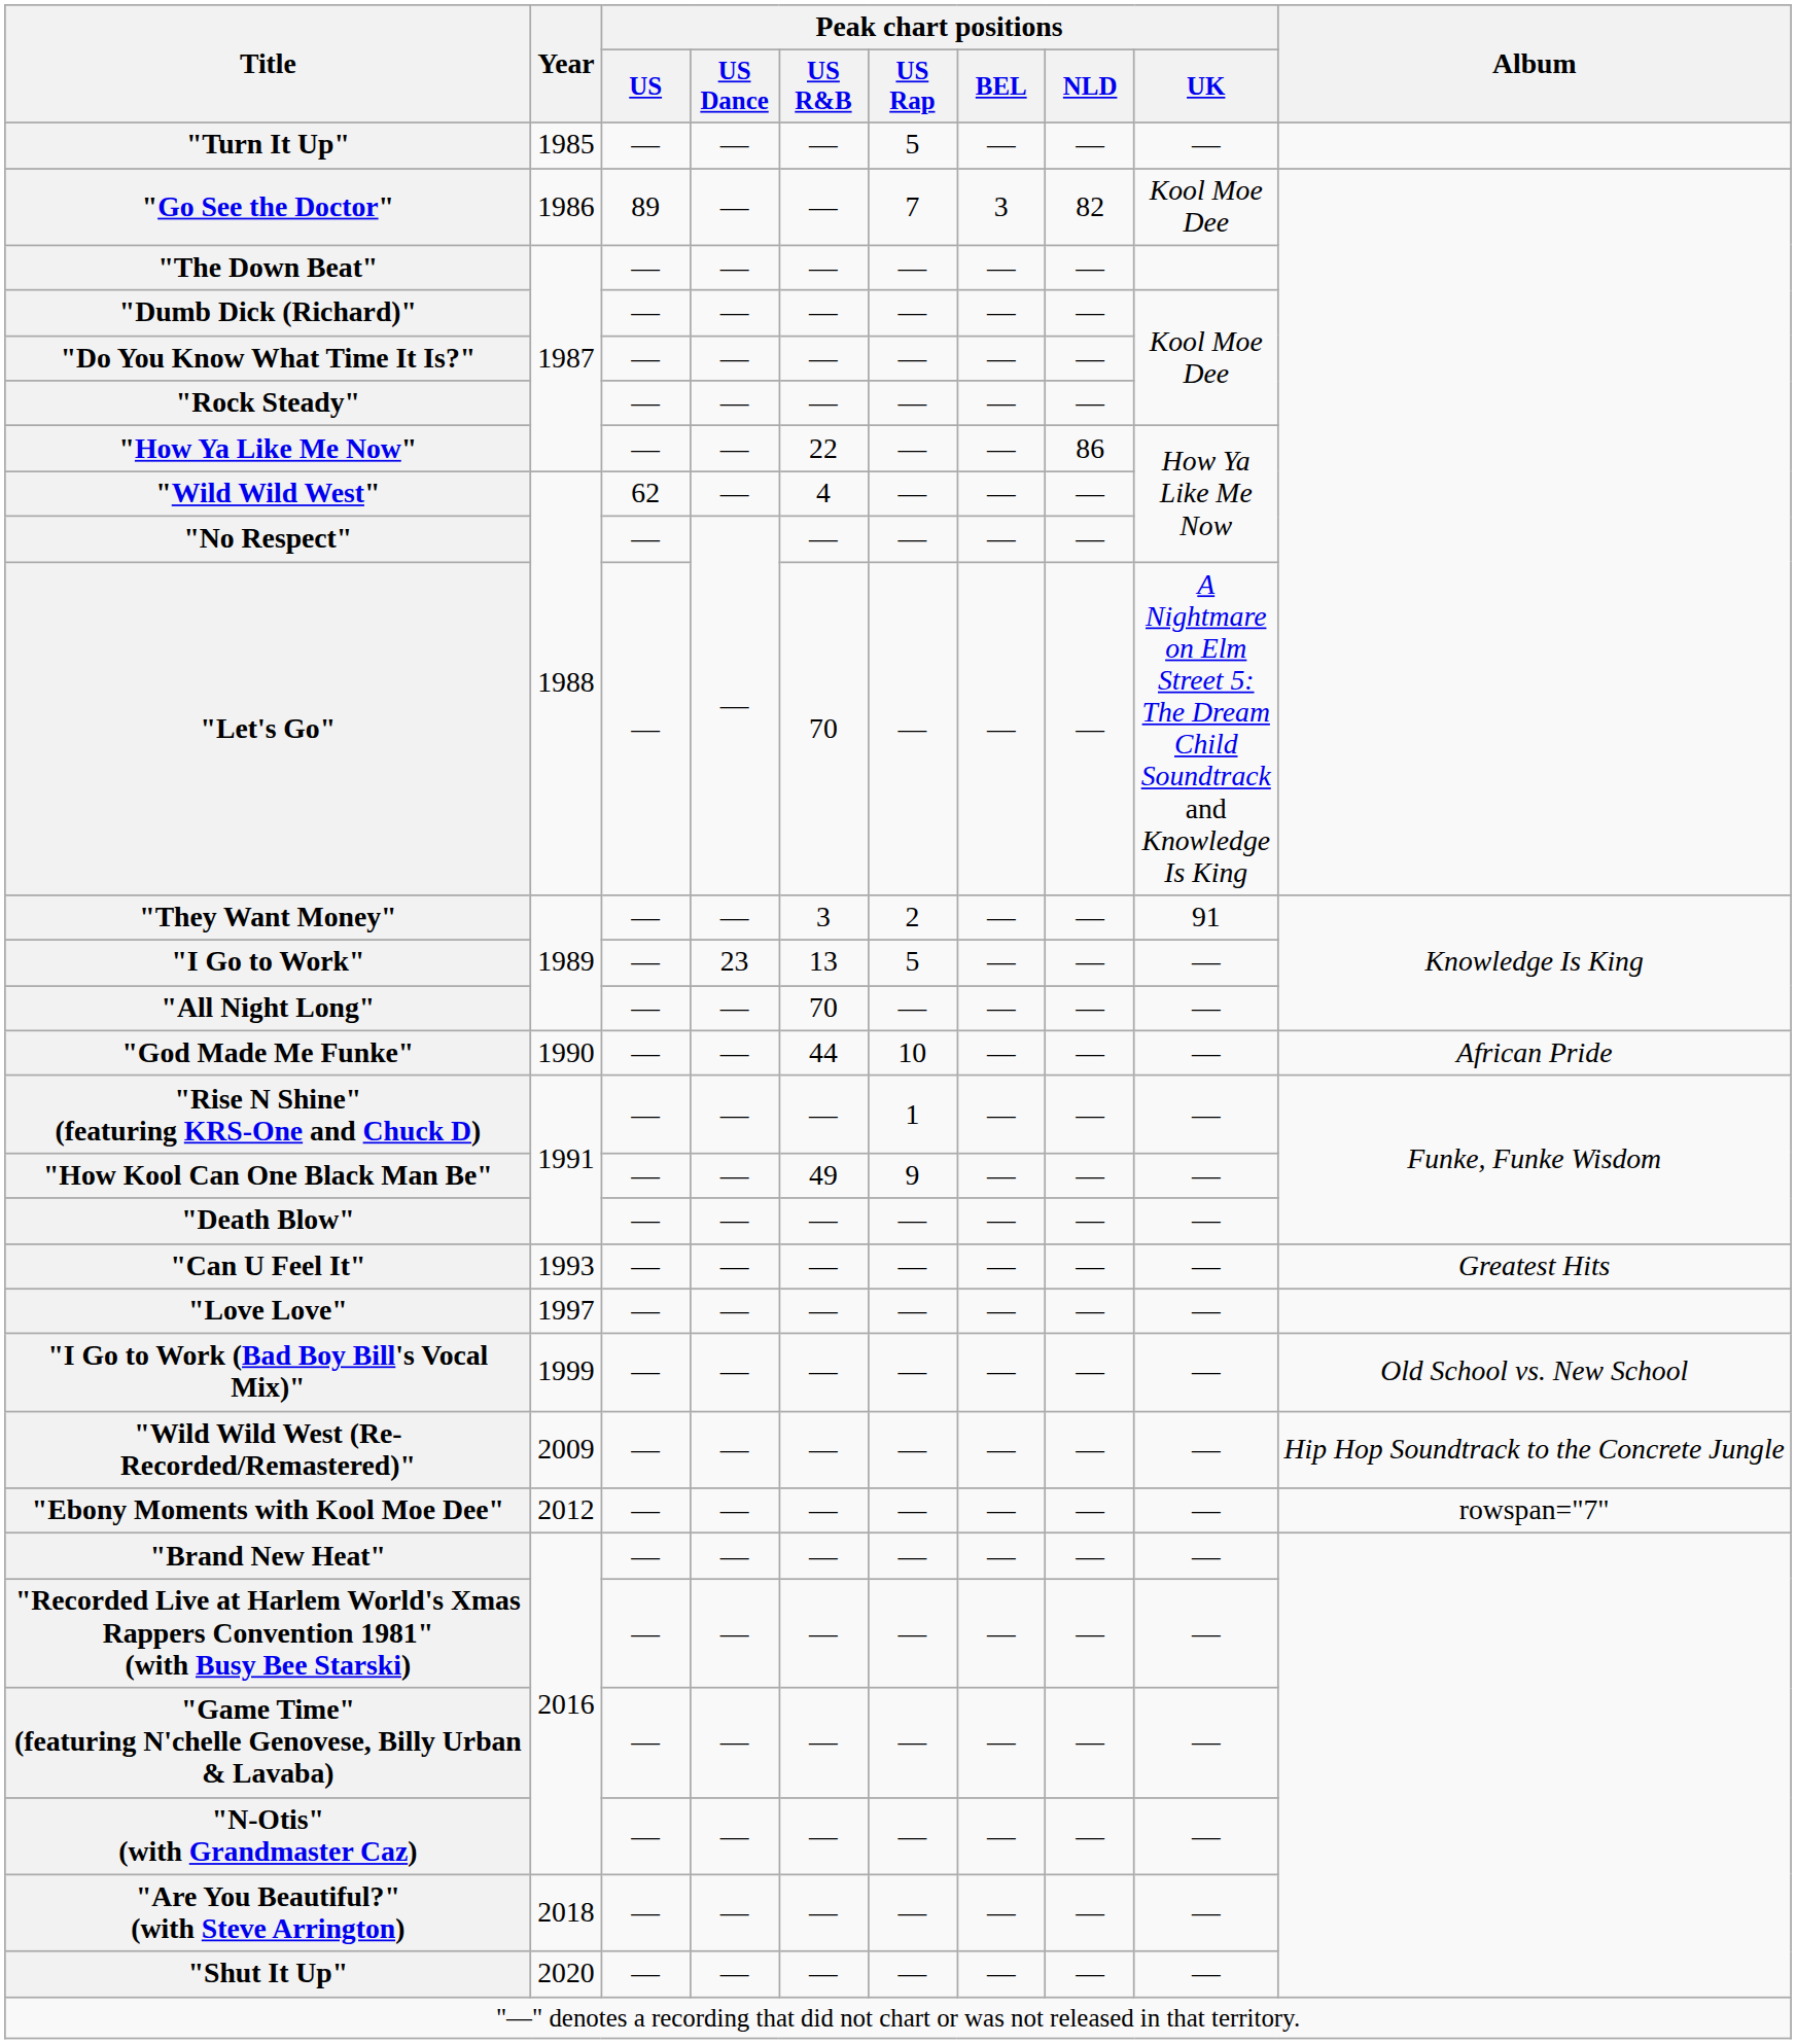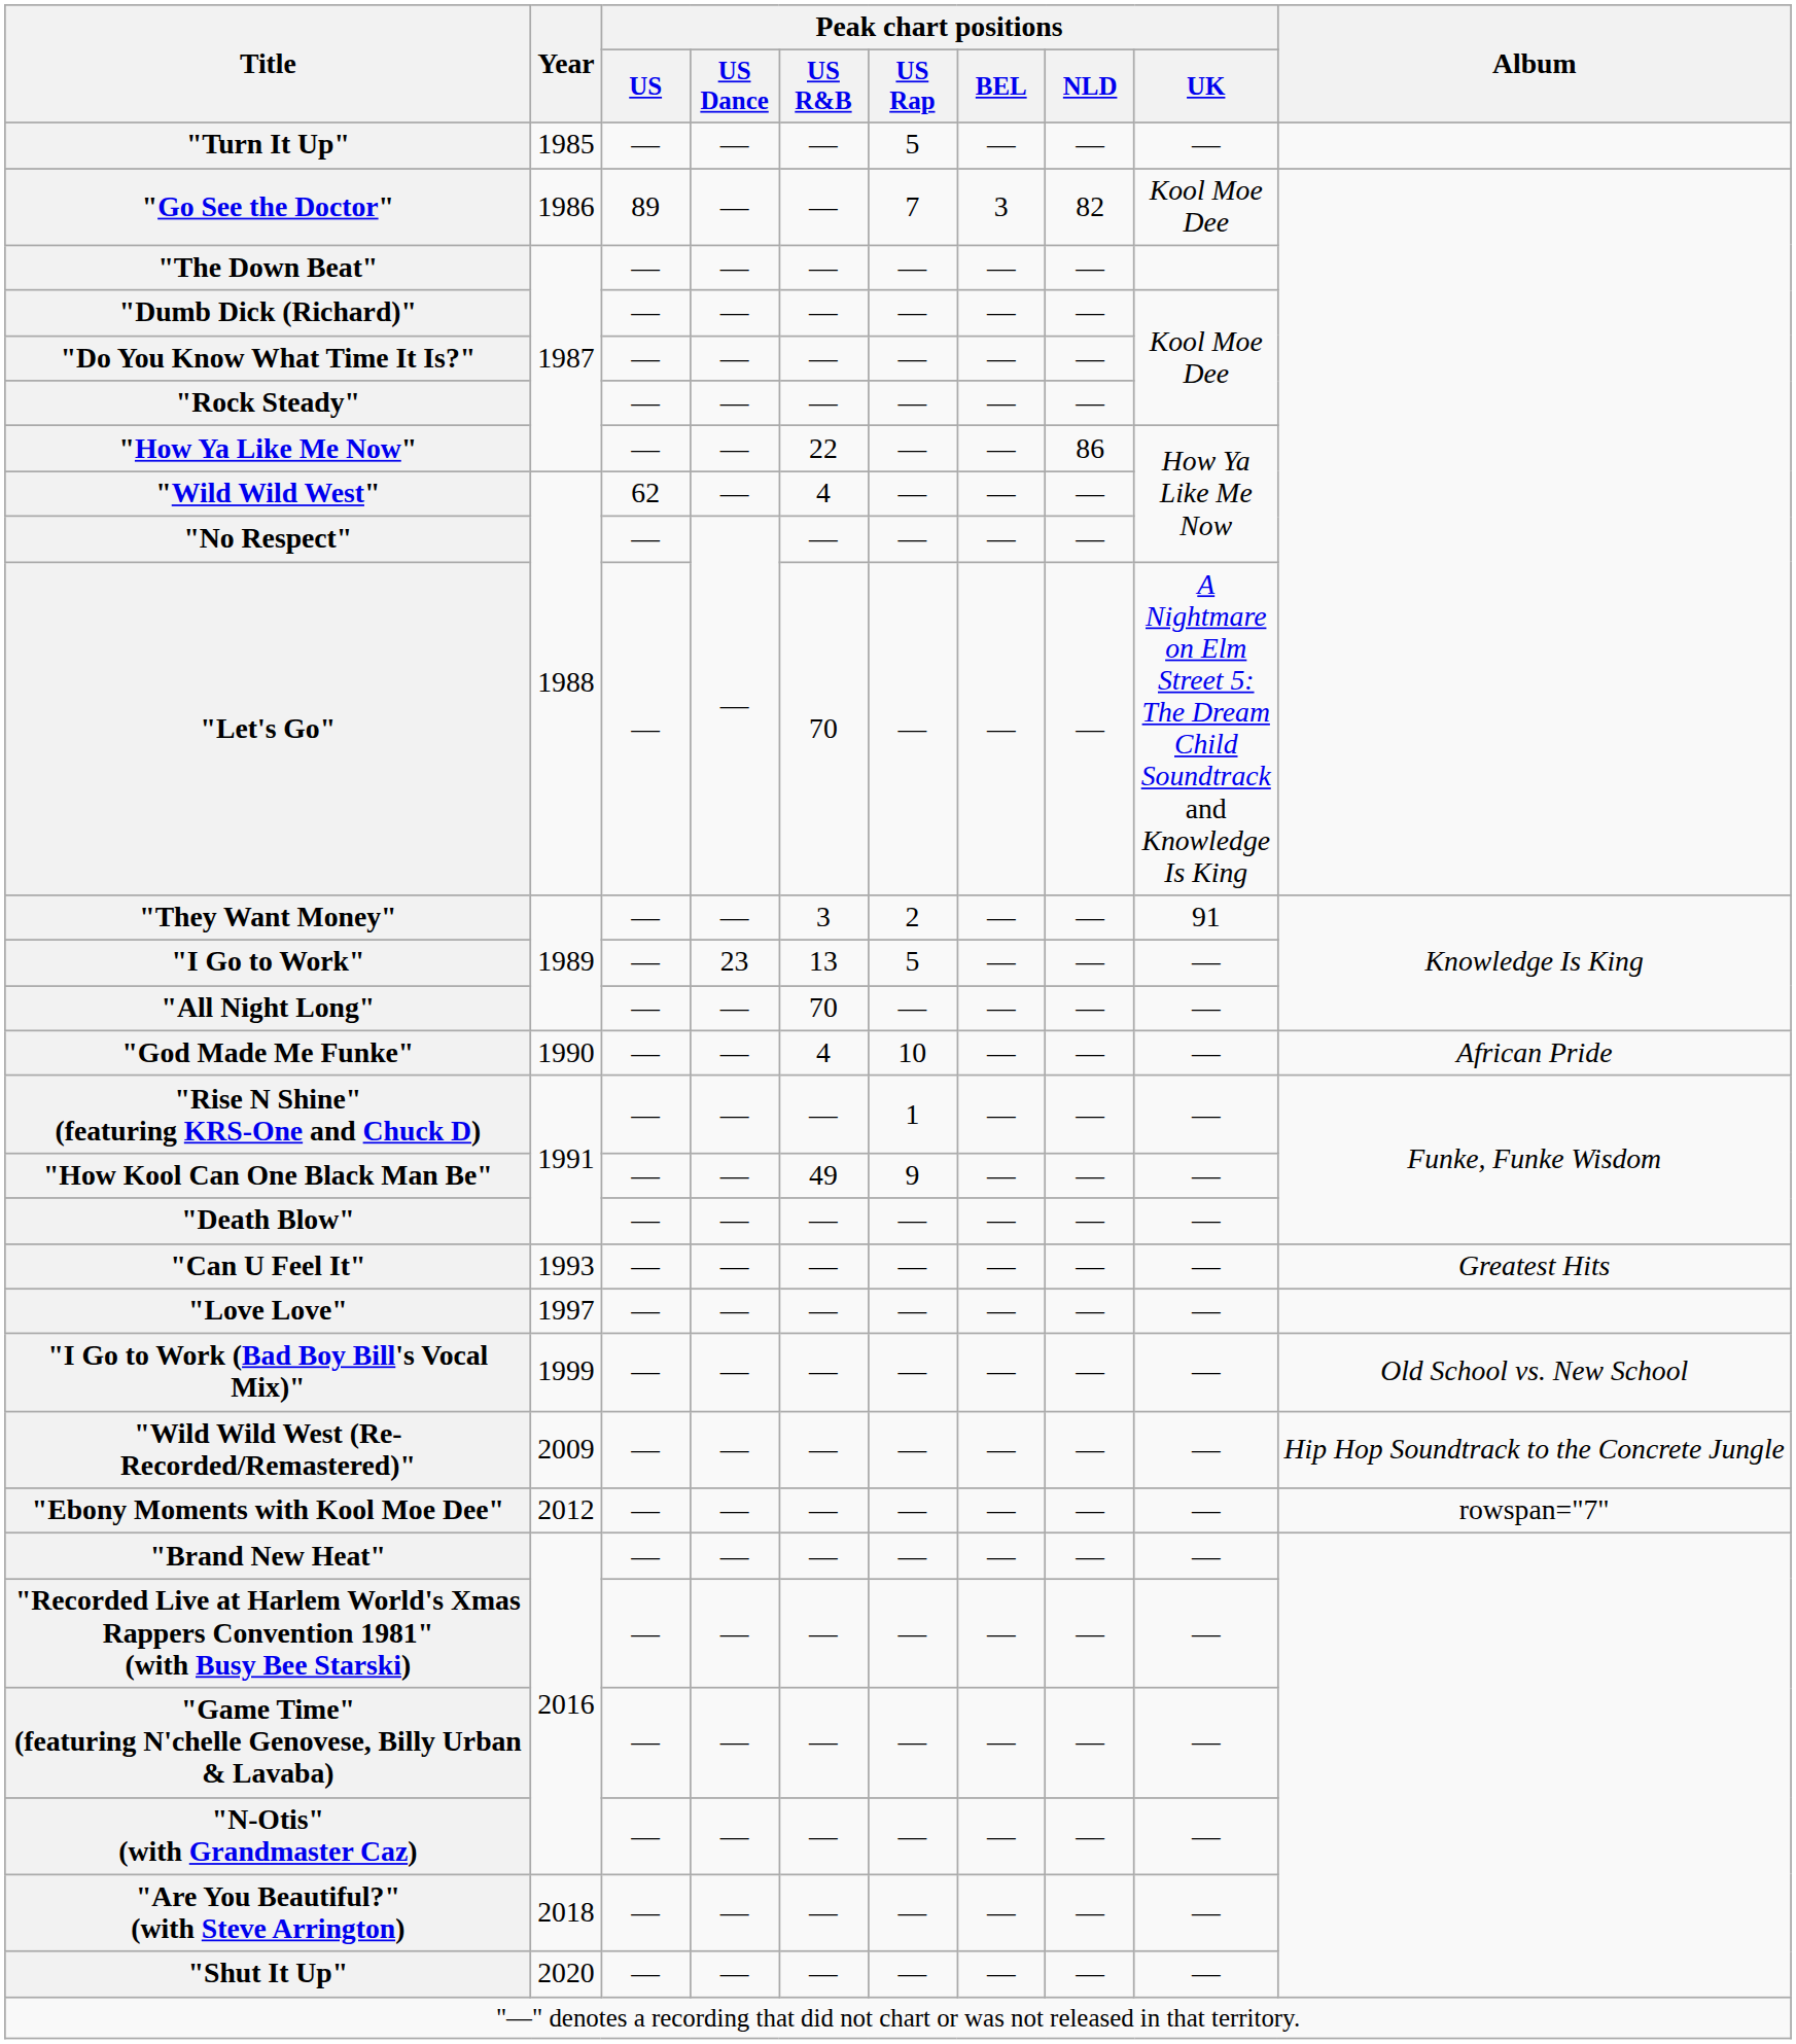 <table class="wikitable plainrowheaders" style="text-align:center;" border="1">
 <tr>
 <th scope="col" rowspan="2" style="width:18em;">Title</th>
 <th scope="col" rowspan="2">Year</th>
 <th scope="col" colspan="7">Peak chart positions</th>
 <th scope="col" rowspan="2">Album</th>
 </tr>
 <tr>
 <th scope="col" style="width:3em;font-size:90%;"><a href='#'>US</a><br></th>
 <th scope="col" style="width:3em;font-size:90%;"><a href='#'>US Dance</a><br></th>
 <th scope="col" style="width:3em;font-size:90%;"><a href='#'>US R&B</a><br></th>
 <th scope="col" style="width:3em;font-size:90%;"><a href='#'>US Rap</a><br></th>
 <th scope="col" style="width:3em;font-size:90%;"><a href='#'>BEL</a><br></th>
 <th scope="col" style="width:3em;font-size:90%;"><a href='#'>NLD</a><br></th>
 <th scope="col" style="width:3em;font-size:90%;"><a href='#'>UK</a><br></th>
 </tr>
 <tr>
 <th scope="row">"Turn It Up"</th>
 <td>1985</td>
 <td>—</td>
 <td>—</td>
 <td>—</td>
 <td>5</td>
 <td>—</td>
 <td>—</td>
 <td>—</td>
 <td></td>
 </tr>
 <tr>
 <th scope="row">"<a href='#'>Go See the Doctor</a>"</th>
 <td>1986</td>
 <td>89</td>
 <td>—</td>
 <td>—</td>
 <td>7</td>
 <td>3</td>
 <td>82</td>
 <td><em>Kool Moe Dee</em></td>
 </tr>
 <tr>
 <th scope="row">"The Down Beat"</th>
 <td rowspan="5">1987</td>
 <td>—</td>
 <td>—</td>
 <td>—</td>
 <td>—</td>
 <td>—</td>
 <td>—</td>
 <td></td>
 </tr>
 <tr>
 <th scope="row">"Dumb Dick (Richard)"</th>
 <td>—</td>
 <td>—</td>
 <td>—</td>
 <td>—</td>
 <td>—</td>
 <td>—</td>
 <td rowspan="3"><em>Kool Moe Dee</em></td>
 </tr>
 <tr>
 <th scope="row">"Do You Know What Time It Is?"</th>
 <td>—</td>
 <td>—</td>
 <td>—</td>
 <td>—</td>
 <td>—</td>
 <td>—</td>
 </tr>
 <tr>
 <th scope="row">"Rock Steady"</th>
 <td>—</td>
 <td>—</td>
 <td>—</td>
 <td>—</td>
 <td>—</td>
 <td>—</td>
 </tr>
 <tr>
 <th scope="row">"<a href='#'>How Ya Like Me Now</a>"</th>
 <td>—</td>
 <td>—</td>
 <td>22</td>
 <td>—</td>
 <td>—</td>
 <td>86</td>
 <td rowspan="3"><em>How Ya Like Me Now</em></td>
 </tr>
 <tr>
 <th scope="row">"<a href='#'>Wild Wild West</a>"</th>
 <td rowspan="3">1988</td>
 <td>62</td>
 <td>—</td>
 <td>4</td>
 <td>—</td>
 <td>—</td>
 <td>—</td>
 </tr>
 <tr>
 <th scope="row">"No Respect"</th>
 <td>—</td>
 <td rowspan="2">—</td>
 <td>—</td>
 <td>—</td>
 <td>—</td>
 <td>—</td>
 </tr>
 <tr>
 <th scope="row">"Let's Go"</th>
 <td>—</td>
 <td>70</td>
 <td>—</td>
 <td>—</td>
 <td>—</td>
 <td><em><a href='#'>A Nightmare on Elm Street 5: The Dream Child Soundtrack</a></em> and <em>Knowledge Is King</em></td>
 </tr>
 <tr>
 <th scope="row">"They Want Money"</th>
 <td rowspan="3">1989</td>
 <td>—</td>
 <td>—</td>
 <td>3</td>
 <td>2</td>
 <td>—</td>
 <td>—</td>
 <td>91</td>
 <td rowspan="3"><em>Knowledge Is King</em></td>
 </tr>
 <tr>
 <th scope="row">"I Go to Work"</th>
 <td>—</td>
 <td>23</td>
 <td>13</td>
 <td>5</td>
 <td>—</td>
 <td>—</td>
 <td>—</td>
 </tr>
 <tr>
 <th scope="row">"All Night Long"</th>
 <td>—</td>
 <td>—</td>
 <td>70</td>
 <td>—</td>
 <td>—</td>
 <td>—</td>
 <td>—</td>
 </tr>
 <tr>
 <th scope="row">"God Made Me Funke"</th>
 <td>1990</td>
 <td>—</td>
 <td>—</td>
-<td>44</td>
+<td>4</td>
 <td>10</td>
 <td>—</td>
 <td>—</td>
 <td>—</td>
 <td><em>African Pride</em></td>
 </tr>
 <tr>
 <th scope="row">"Rise N Shine"<br><span>(featuring <a href='#'>KRS-One</a> and <a href='#'>Chuck D</a>)</span></th>
 <td rowspan="3">1991</td>
 <td>—</td>
 <td>—</td>
 <td>—</td>
 <td>1</td>
 <td>—</td>
 <td>—</td>
 <td>—</td>
 <td rowspan="3"><em>Funke, Funke Wisdom</em></td>
 </tr>
 <tr>
 <th scope="row">"How Kool Can One Black Man Be"</th>
 <td>—</td>
 <td>—</td>
 <td>49</td>
 <td>9</td>
 <td>—</td>
 <td>—</td>
 <td>—</td>
 </tr>
 <tr>
 <th scope="row">"Death Blow"</th>
 <td>—</td>
 <td>—</td>
 <td>—</td>
 <td>—</td>
 <td>—</td>
 <td>—</td>
 <td>—</td>
 </tr>
 <tr>
 <th scope="row">"Can U Feel It"</th>
 <td>1993</td>
 <td>—</td>
 <td>—</td>
 <td>—</td>
 <td>—</td>
 <td>—</td>
 <td>—</td>
 <td>—</td>
 <td><em>Greatest Hits</em></td>
 </tr>
 <tr>
 <th scope="row">"Love Love"</th>
 <td>1997</td>
 <td>—</td>
 <td>—</td>
 <td>—</td>
 <td>—</td>
 <td>—</td>
 <td>—</td>
 <td>—</td>
 <td></td>
 </tr>
 <tr>
 <th scope="row">"I Go to Work (<a href='#'>Bad Boy Bill</a>'s Vocal Mix)"</th>
 <td>1999</td>
 <td>—</td>
 <td>—</td>
 <td>—</td>
 <td>—</td>
 <td>—</td>
 <td>—</td>
 <td>—</td>
 <td><em>Old School vs. New School</em></td>
 </tr>
 <tr>
 <th scope="row">"Wild Wild West (Re-Recorded/Remastered)"</th>
 <td>2009</td>
 <td>—</td>
 <td>—</td>
 <td>—</td>
 <td>—</td>
 <td>—</td>
 <td>—</td>
 <td>—</td>
 <td><em>Hip Hop Soundtrack to the Concrete Jungle</em></td>
 </tr>
 <tr>
 <th scope="row">"Ebony Moments with Kool Moe Dee"</th>
 <td>2012</td>
 <td>—</td>
 <td>—</td>
 <td>—</td>
 <td>—</td>
 <td>—</td>
 <td>—</td>
 <td>—</td>
 <td>rowspan="7" </td>
 </tr>
 <tr>
 <th scope="row">"Brand New Heat"</th>
 <td rowspan="4">2016</td>
 <td>—</td>
 <td>—</td>
 <td>—</td>
 <td>—</td>
 <td>—</td>
 <td>—</td>
 <td>—</td>
 </tr>
 <tr>
 <th scope="row">"Recorded Live at Harlem World's Xmas Rappers Convention 1981"<br><span>(with <a href='#'>Busy Bee Starski</a>)</span></th>
 <td>—</td>
 <td>—</td>
 <td>—</td>
 <td>—</td>
 <td>—</td>
 <td>—</td>
 <td>—</td>
 </tr>
 <tr>
 <th scope="row">"Game Time"<br><span>(featuring N'chelle Genovese, Billy Urban & Lavaba)</span></th>
 <td>—</td>
 <td>—</td>
 <td>—</td>
 <td>—</td>
 <td>—</td>
 <td>—</td>
 <td>—</td>
 </tr>
 <tr>
 <th scope="row">"N-Otis"<br><span>(with <a href='#'>Grandmaster Caz</a>)</span></th>
 <td>—</td>
 <td>—</td>
 <td>—</td>
 <td>—</td>
 <td>—</td>
 <td>—</td>
 <td>—</td>
 </tr>
 <tr>
 <th scope="row">"Are You Beautiful?"<br><span>(with <a href='#'>Steve Arrington</a>)</span></th>
 <td>2018</td>
 <td>—</td>
 <td>—</td>
 <td>—</td>
 <td>—</td>
 <td>—</td>
 <td>—</td>
 <td>—</td>
 </tr>
 <tr>
 <th scope="row">"Shut It Up"</th>
 <td>2020</td>
 <td>—</td>
 <td>—</td>
 <td>—</td>
 <td>—</td>
 <td>—</td>
 <td>—</td>
 <td>—</td>
 </tr>
 <tr>
 <td colspan="15" style="font-size:90%">"—" denotes a recording that did not chart or was not released in that territory.</td>
 </tr>
 </table>
